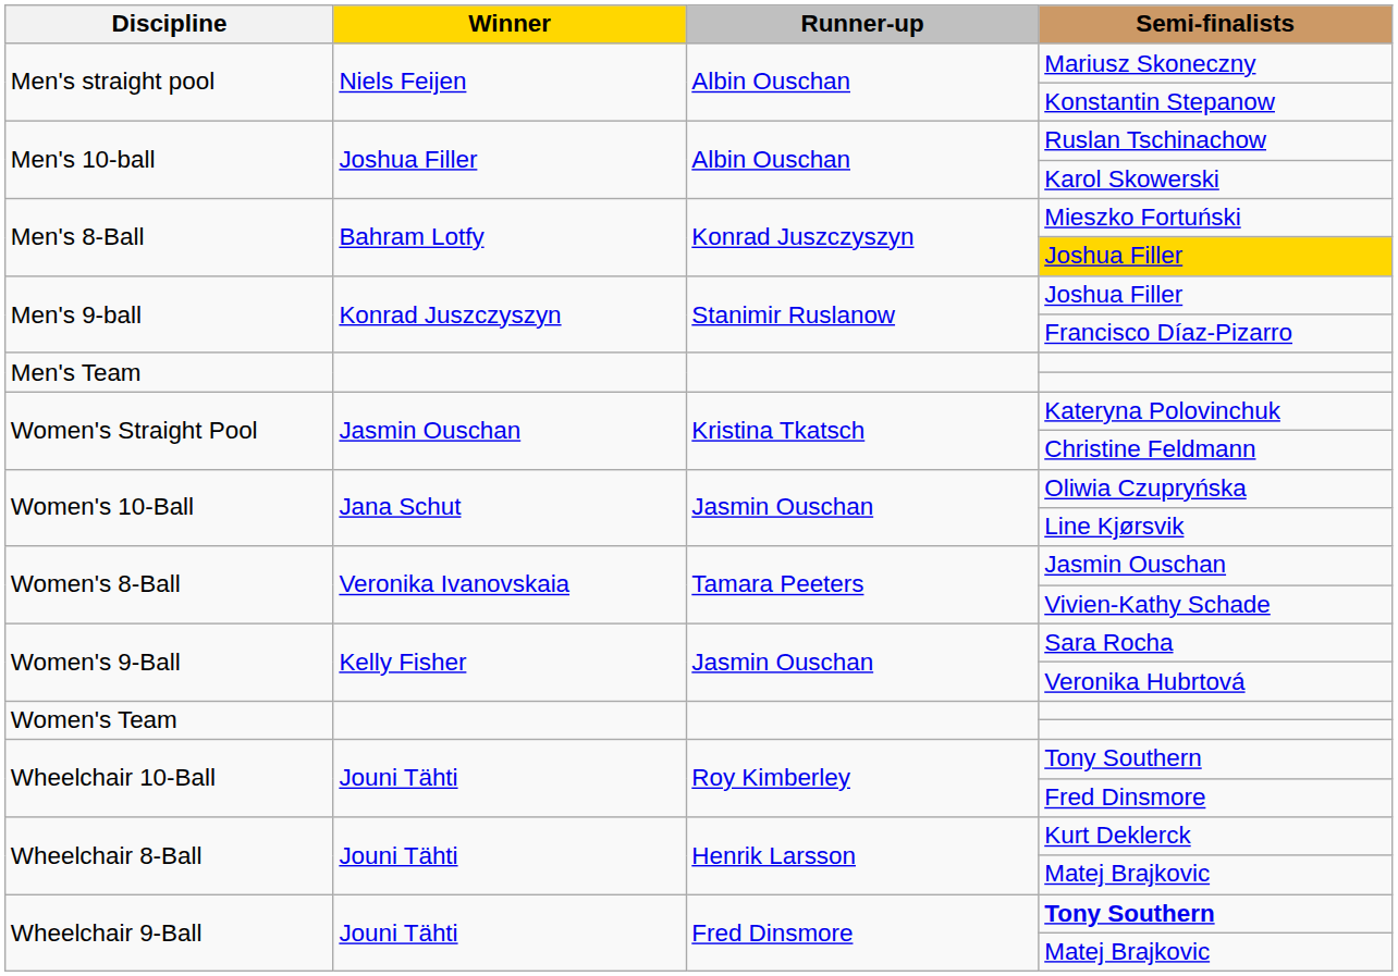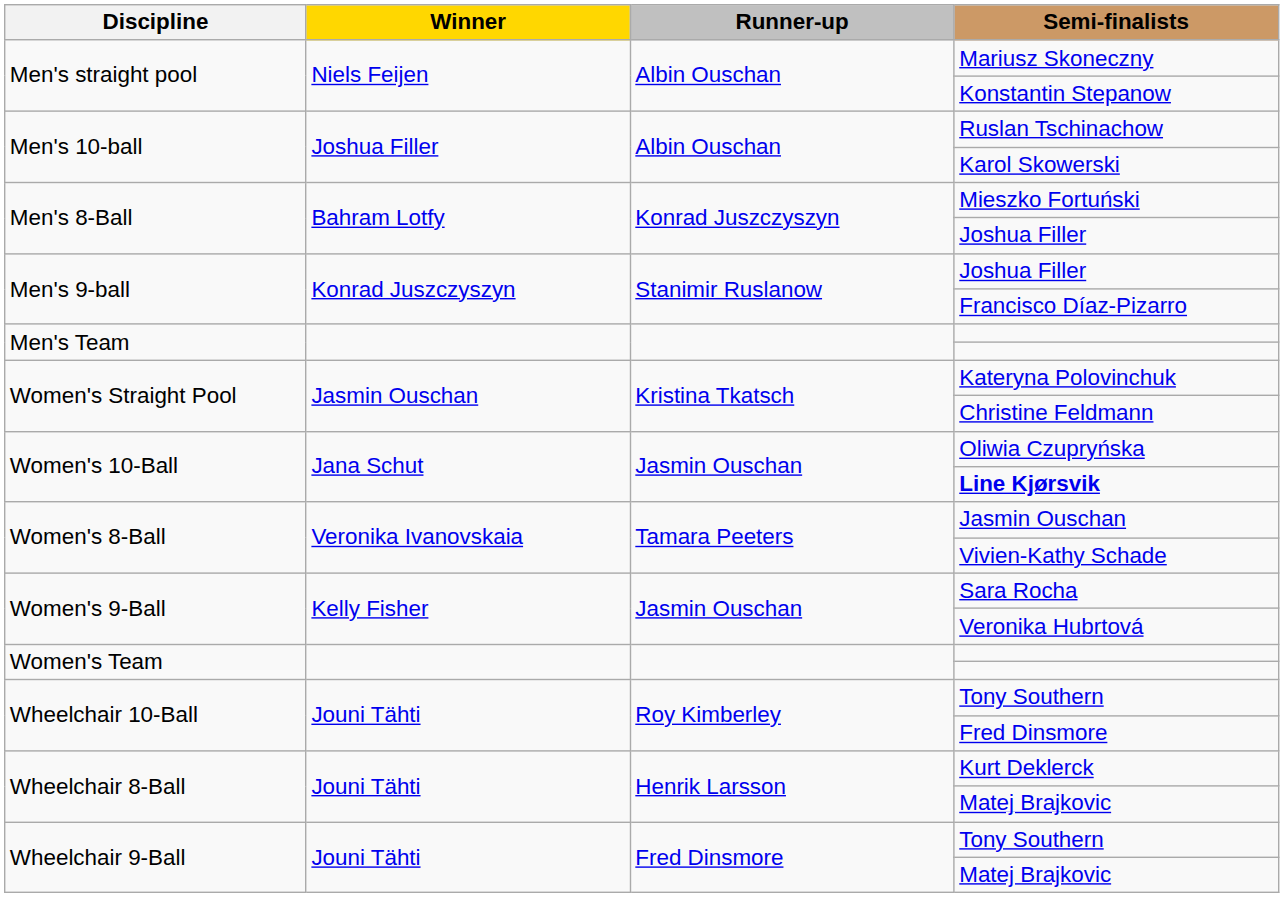 <table class="wikitable sortable">
 <tr style="background:#efefef;">
 <th style="width:13em">Discipline</th>
 <th style="background:gold; width:14em">Winner</th>
 <th style="background:silver; width:14em">Runner-up</th>
 <th style="background:#c96; width:14em;">Semi-finalists</th>
 </tr>
 <tr>
 <td rowspan="2">Men's straight pool</td>
 <td rowspan="2"> <a href='#'>Niels Feijen</a></td>
 <td rowspan="2"> <a href='#'>Albin Ouschan</a></td>
 <td> <a href='#'>Mariusz Skoneczny</a></td>
 </tr>
 <tr>
 <td> <a href='#'>Konstantin Stepanow</a></td>
 </tr>
 <tr>
 <td rowspan="2">Men's 10-ball</td>
 <td rowspan="2"> <a href='#'>Joshua Filler</a></td>
 <td rowspan="2"> <a href='#'>Albin Ouschan</a></td>
 <td> <a href='#'>Ruslan Tschinachow</a></td>
 </tr>
 <tr>
 <td> <a href='#'>Karol Skowerski</a></td>
 </tr>
 <tr>
 <td rowspan="2">Men's 8-Ball</td>
 <td rowspan="2"> <a href='#'>Bahram Lotfy</a></td>
 <td rowspan="2"> <a href='#'>Konrad Juszczyszyn</a></td>
 <td> <a href='#'>Mieszko Fortuński</a></td>
 </tr>
 <tr>
-<td style="background: gold;"> <a href='#'>Joshua Filler</a></td>
+<td> <a href='#'>Joshua Filler</a></td>
 </tr>
 <tr>
 <td rowspan="2">Men's 9-ball</td>
 <td rowspan="2"> <a href='#'>Konrad Juszczyszyn</a></td>
 <td rowspan="2"> <a href='#'>Stanimir Ruslanow</a></td>
 <td> <a href='#'>Joshua Filler</a></td>
 </tr>
 <tr>
 <td> <a href='#'>Francisco Díaz-Pizarro</a></td>
 </tr>
 <tr>
 <td rowspan="2">Men's Team</td>
 <td rowspan="2"></td>
 <td rowspan="2"></td>
 <td></td>
 </tr>
 <tr>
 <td></td>
 </tr>
 <tr>
 <td rowspan="2">Women's Straight Pool</td>
 <td rowspan="2"> <a href='#'>Jasmin Ouschan</a></td>
 <td rowspan="2"> <a href='#'>Kristina Tkatsch</a></td>
 <td> <a href='#'>Kateryna Polovinchuk</a></td>
 </tr>
 <tr>
 <td> <a href='#'>Christine Feldmann</a></td>
 </tr>
 <tr>
 <td rowspan="2">Women's 10-Ball</td>
 <td rowspan="2"> <a href='#'>Jana Schut</a></td>
 <td rowspan="2"> <a href='#'>Jasmin Ouschan</a></td>
 <td> <a href='#'>Oliwia Czupryńska</a></td>
 </tr>
 <tr>
-<td> <a href='#'>Line Kjørsvik</a></td>
+<td><strong> <a href='#'>Line Kjørsvik</a></strong></td>
 </tr>
 <tr>
 <td rowspan="2">Women's 8-Ball</td>
 <td rowspan="2"> <a href='#'>Veronika Ivanovskaia</a></td>
 <td rowspan="2"> <a href='#'>Tamara Peeters</a></td>
 <td> <a href='#'>Jasmin Ouschan</a></td>
 </tr>
 <tr>
 <td> <a href='#'>Vivien-Kathy Schade</a></td>
 </tr>
 <tr>
 <td rowspan="2">Women's 9-Ball</td>
 <td rowspan="2"> <a href='#'>Kelly Fisher</a></td>
 <td rowspan="2"> <a href='#'>Jasmin Ouschan</a></td>
 <td> <a href='#'>Sara Rocha</a></td>
 </tr>
 <tr>
 <td> <a href='#'>Veronika Hubrtová</a></td>
 </tr>
 <tr>
 <td rowspan="2">Women's Team</td>
 <td rowspan="2"></td>
 <td rowspan="2"></td>
 <td></td>
 </tr>
 <tr>
 <td></td>
 </tr>
 <tr>
 <td rowspan="2">Wheelchair 10-Ball</td>
 <td rowspan="2"> <a href='#'>Jouni Tähti</a></td>
 <td rowspan="2"> <a href='#'>Roy Kimberley</a></td>
 <td> <a href='#'>Tony Southern</a></td>
 </tr>
 <tr>
 <td> <a href='#'>Fred Dinsmore</a></td>
 </tr>
 <tr>
 <td rowspan="2">Wheelchair 8-Ball</td>
 <td rowspan="2"> <a href='#'>Jouni Tähti</a></td>
 <td rowspan="2"> <a href='#'>Henrik Larsson</a></td>
 <td> <a href='#'>Kurt Deklerck</a></td>
 </tr>
 <tr>
 <td> <a href='#'>Matej Brajkovic</a></td>
 </tr>
 <tr>
 <td rowspan="2">Wheelchair 9-Ball</td>
 <td rowspan="2"> <a href='#'>Jouni Tähti</a></td>
 <td rowspan="2"> <a href='#'>Fred Dinsmore</a></td>
-<td><strong> <a href='#'>Tony Southern</a></strong></td>
+<td> <a href='#'>Tony Southern</a></td>
 </tr>
 <tr>
 <td> <a href='#'>Matej Brajkovic</a></td>
 </tr>
 </table>
